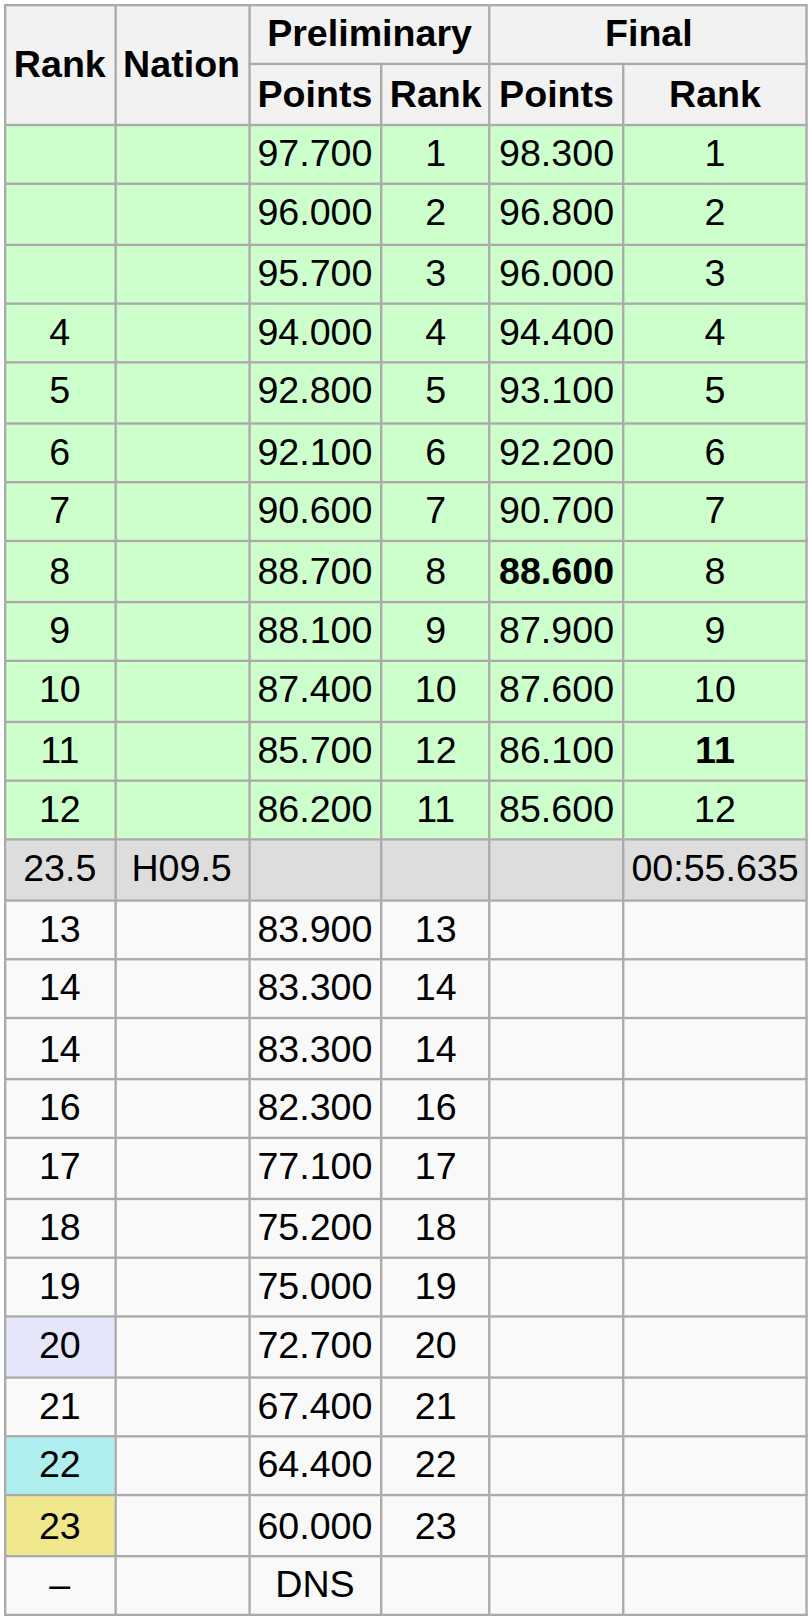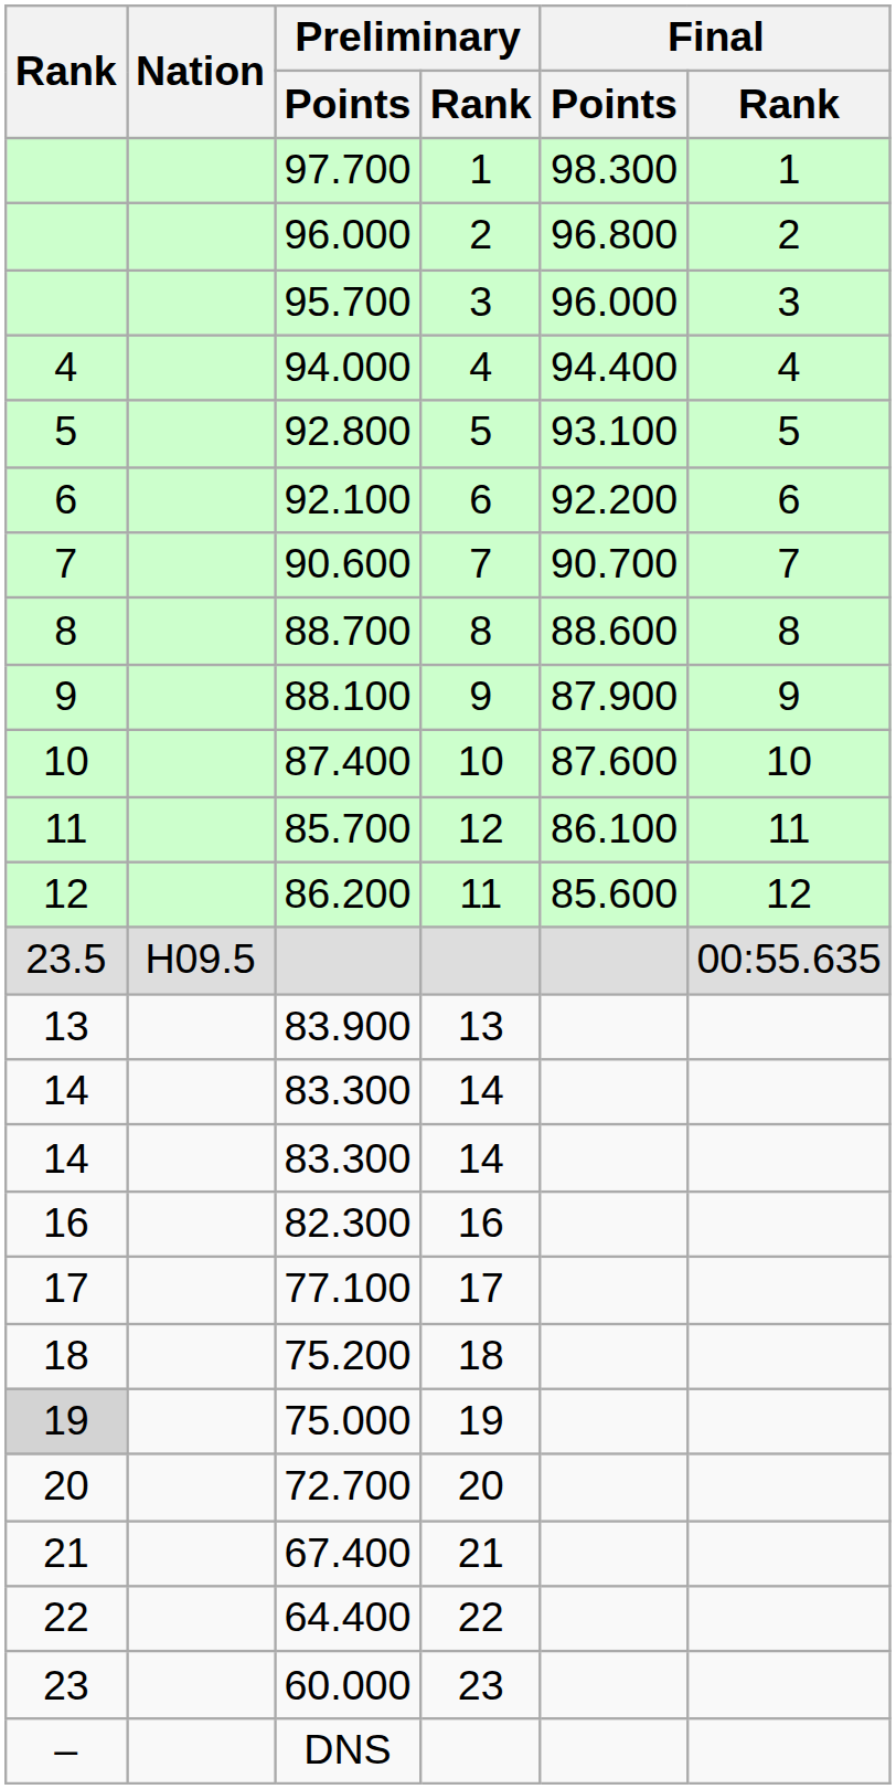 <table class="wikitable" style="text-align:center">
 <tr>
 <th rowspan="2">Rank</th>
 <th rowspan="2">Nation</th>
 <th colspan="2">Preliminary</th>
 <th colspan="2">Final</th>
 </tr>
 <tr>
 <th>Points</th>
 <th>Rank</th>
 <th>Points</th>
 <th>Rank</th>
 </tr>
 <tr bgcolor=ccffcc>
 <td></td>
 <td align=left></td>
 <td>97.700</td>
 <td>1</td>
 <td>98.300</td>
 <td>1</td>
 </tr>
 <tr bgcolor=ccffcc>
 <td></td>
 <td align=left></td>
 <td>96.000</td>
 <td>2</td>
 <td>96.800</td>
 <td>2</td>
 </tr>
 <tr bgcolor=ccffcc>
 <td></td>
 <td align=left></td>
 <td>95.700</td>
 <td>3</td>
 <td>96.000</td>
 <td>3</td>
 </tr>
 <tr bgcolor=ccffcc>
 <td>4</td>
 <td align=left></td>
 <td>94.000</td>
 <td>4</td>
 <td>94.400</td>
 <td>4</td>
 </tr>
 <tr bgcolor=ccffcc>
 <td>5</td>
 <td align=left></td>
 <td>92.800</td>
 <td>5</td>
 <td>93.100</td>
 <td>5</td>
 </tr>
 <tr bgcolor=ccffcc>
 <td>6</td>
 <td align=left></td>
 <td>92.100</td>
 <td>6</td>
 <td>92.200</td>
 <td>6</td>
 </tr>
 <tr bgcolor=ccffcc>
 <td>7</td>
 <td align=left></td>
 <td>90.600</td>
 <td>7</td>
 <td>90.700</td>
 <td>7</td>
 </tr>
 <tr bgcolor=ccffcc>
 <td>8</td>
 <td align=left></td>
 <td>88.700</td>
 <td>8</td>
-<td><strong>88.600</strong></td>
+<td>88.600</td>
 <td>8</td>
 </tr>
 <tr bgcolor=ccffcc>
 <td>9</td>
 <td align=left></td>
 <td>88.100</td>
 <td>9</td>
 <td>87.900</td>
 <td>9</td>
 </tr>
 <tr bgcolor=ccffcc>
 <td>10</td>
 <td align=left></td>
 <td>87.400</td>
 <td>10</td>
 <td>87.600</td>
 <td>10</td>
 </tr>
 <tr bgcolor=ccffcc>
 <td>11</td>
 <td align=left></td>
 <td>85.700</td>
 <td>12</td>
 <td>86.100</td>
-<td><strong>11</strong></td>
+<td>11</td>
 </tr>
 <tr bgcolor=ccffcc>
 <td>12</td>
 <td align=left></td>
 <td>86.200</td>
 <td>11</td>
 <td>85.600</td>
 <td>12</td>
 </tr>
 <tr bgcolor=#DDDDDD>
 <td><span>23.5</span></td>
 <td><span>H09.5</span></td>
 <td></td>
 <td></td>
 <td></td>
 <td><span>00:55.635</span></td>
 </tr>
 <tr>
 <td>13</td>
 <td align=left></td>
 <td>83.900</td>
 <td>13</td>
 <td></td>
 <td></td>
 </tr>
 <tr>
 <td>14</td>
 <td align=left></td>
 <td>83.300</td>
 <td>14</td>
 <td></td>
 <td></td>
 </tr>
 <tr>
 <td>14</td>
 <td align=left></td>
 <td>83.300</td>
 <td>14</td>
 <td></td>
 <td></td>
 </tr>
 <tr>
 <td>16</td>
 <td align=left></td>
 <td>82.300</td>
 <td>16</td>
 <td></td>
 <td></td>
 </tr>
 <tr>
 <td>17</td>
 <td align=left></td>
 <td>77.100</td>
 <td>17</td>
 <td></td>
 <td></td>
 </tr>
 <tr>
 <td>18</td>
 <td align=left></td>
 <td>75.200</td>
 <td>18</td>
 <td></td>
 <td></td>
 </tr>
 <tr>
-<td>19</td>
+<td style="background: lightgrey;">19</td>
 <td align=left></td>
 <td>75.000</td>
 <td>19</td>
 <td></td>
 <td></td>
 </tr>
 <tr>
-<td style="background: lavender;">20</td>
+<td>20</td>
 <td align=left></td>
 <td>72.700</td>
 <td>20</td>
 <td></td>
 <td></td>
 </tr>
 <tr>
 <td>21</td>
 <td align=left></td>
 <td>67.400</td>
 <td>21</td>
 <td></td>
 <td></td>
 </tr>
 <tr>
-<td style="background: paleturquoise;">22</td>
+<td>22</td>
 <td align=left></td>
 <td>64.400</td>
 <td>22</td>
 <td></td>
 <td></td>
 </tr>
 <tr>
-<td style="background: khaki;">23</td>
+<td>23</td>
 <td align=left></td>
 <td>60.000</td>
 <td>23</td>
 <td></td>
 <td></td>
 </tr>
 <tr>
 <td>–</td>
 <td align=left></td>
 <td>DNS</td>
 <td></td>
 <td></td>
 <td></td>
 </tr>
 </table>
